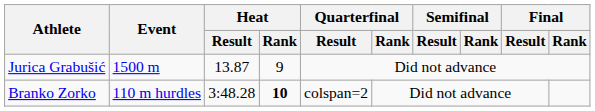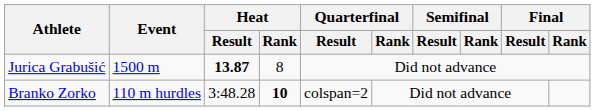 <table class=wikitable style="font-size:90%">
 <tr>
 <th rowspan="2">Athlete</th>
 <th rowspan="2">Event</th>
 <th colspan="2">Heat</th>
 <th colspan="2">Quarterfinal</th>
 <th colspan="2">Semifinal</th>
 <th colspan="2">Final</th>
 </tr>
 <tr style="font-size:95%">
 <th>Result</th>
 <th>Rank</th>
 <th>Result</th>
 <th>Rank</th>
 <th>Result</th>
 <th>Rank</th>
 <th>Result</th>
 <th>Rank</th>
 </tr>
 <tr align=center>
 <td align=left><a href='#'>Jurica Grabušić</a></td>
 <td align=left><a href='#'>1500 m</a></td>
-<td>13.87</td>
-<td>9</td>
+<td><strong>13.87</strong></td>
+<td>8</td>
 <td colspan=6>Did not advance</td>
 </tr>
 <tr align=center>
 <td align=left><a href='#'>Branko Zorko</a></td>
 <td align=left><a href='#'>110 m hurdles</a></td>
 <td>3:48.28</td>
 <td><strong>10</strong></td>
 <td>colspan=2 </td>
 <td colspan=4>Did not advance</td>
 </tr>
 </table>
